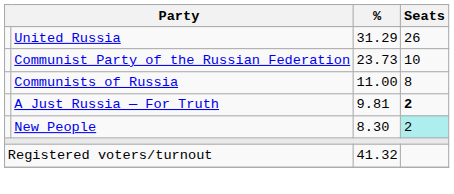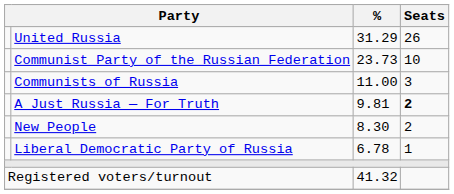 <table class="wikitable">
 <tr>
 <th colspan=2>Party</th>
 <th>%</th>
 <th>Seats</th>
 </tr>
 <tr>
 <td style="background:"></td>
 <td><a href='#'>United Russia</a></td>
 <td>31.29</td>
 <td>26</td>
 </tr>
 <tr>
 <td style="background:"></td>
 <td><a href='#'>Communist Party of the Russian Federation</a></td>
 <td>23.73</td>
 <td>10</td>
 </tr>
 <tr>
 <td style="background:"></td>
 <td><a href='#'>Communists of Russia</a></td>
 <td>11.00</td>
-<td>8</td>
+<td>3</td>
 </tr>
 <tr>
 <td style="background:"></td>
 <td><a href='#'>A Just Russia — For Truth</a></td>
 <td>9.81</td>
 <td><strong>2</strong></td>
 </tr>
 <tr>
 <td style="background:"></td>
 <td><a href='#'>New People</a></td>
 <td>8.30</td>
-<td style="background: paleturquoise;">2</td>
+<td>2</td>
+</tr>
+<tr>
+<td style="background:"></td>
+<td><a href='#'>Liberal Democratic Party of Russia</a></td>
+<td>6.78</td>
+<td>1</td>
 </tr>
 <tr>
 <td colspan=4 style="background:#E9E9E9;"></td>
 </tr>
 <tr>
 <td align=left colspan=2>Registered voters/turnout</td>
 <td>41.32</td>
 <td></td>
 </tr>
 <tr>
 </tr>
 </table>
